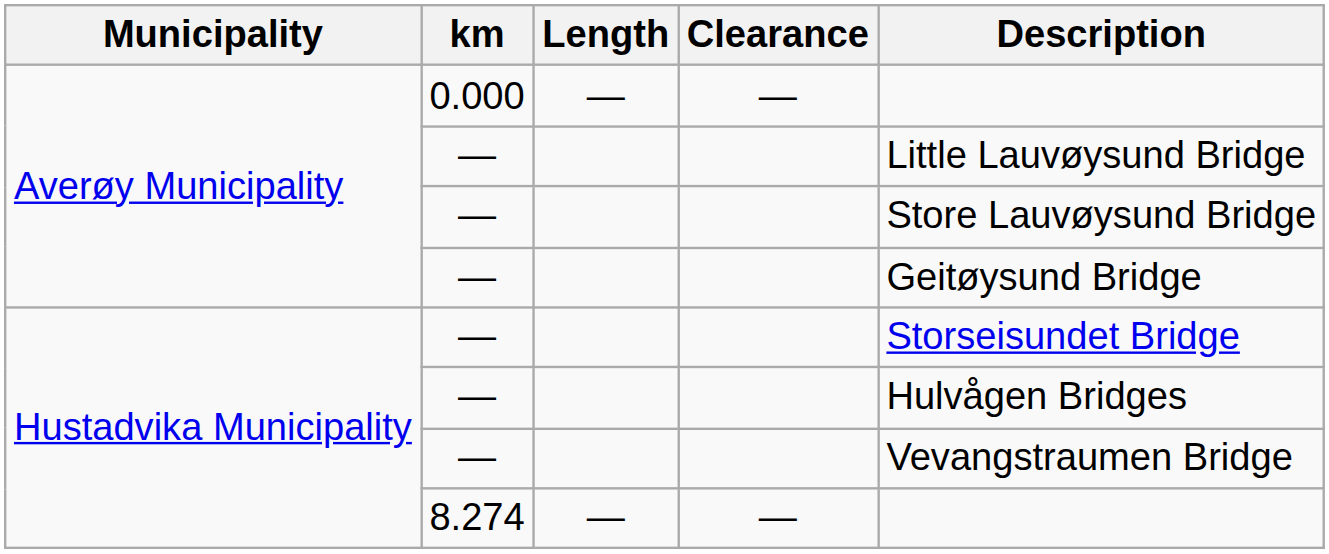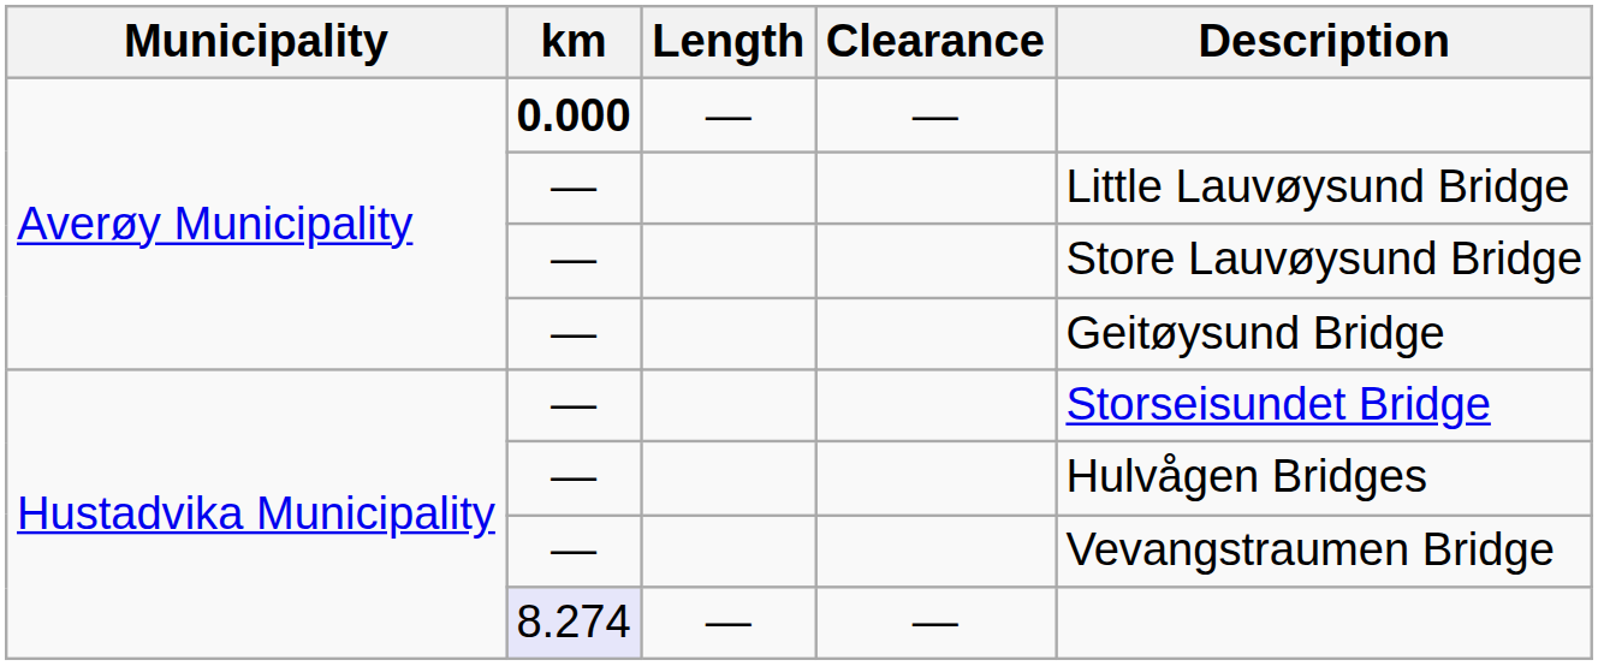 <table class=wikitable>
 <tr>
 <th scope=col>Municipality</th>
 <th scope=col>km</th>
 <th scope=col>Length</th>
 <th scope=col>Clearance</th>
 <th scope=col>Description</th>
 </tr>
 <tr>
 <td rowspan=5><a href='#'>Averøy Municipality</a></td>
-<td>0.000</td>
+<td><strong>0.000</strong></td>
 <td align=center>—</td>
 <td align=center>—</td>
 <td></td>
 </tr>
 <tr>
 <td align=center>—</td>
 <td align=right></td>
 <td align=right></td>
 <td>Little Lauvøysund Bridge</td>
 </tr>
 <tr>
 <td align=center>—</td>
 <td align=right></td>
 <td align=right></td>
 <td>Store Lauvøysund Bridge</td>
 </tr>
 <tr>
 <td align=center>—</td>
 <td align=right></td>
 <td align=right></td>
 <td>Geitøysund Bridge</td>
 </tr>
 <tr>
 <td rowspan=2 align=center>—</td>
 <td rowspan=2 align=right></td>
 <td rowspan=2 align=right></td>
 <td rowspan=2><a href='#'>Storseisundet Bridge</a></td>
 </tr>
 <tr>
 <td rowspan=4><a href='#'>Hustadvika Municipality</a></td>
 </tr>
 <tr>
 <td align=center>—</td>
 <td align=right></td>
 <td align=right></td>
 <td>Hulvågen Bridges</td>
 </tr>
 <tr>
 <td align=center>—</td>
 <td align=right></td>
 <td align=right></td>
 <td>Vevangstraumen Bridge</td>
 </tr>
 <tr>
-<td>8.274</td>
+<td style="background: lavender;">8.274</td>
 <td align=center>—</td>
 <td align=center>—</td>
 <td></td>
 </tr>
 </table>
